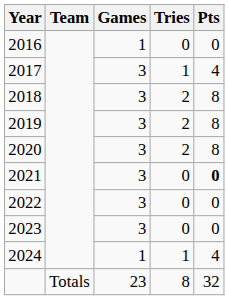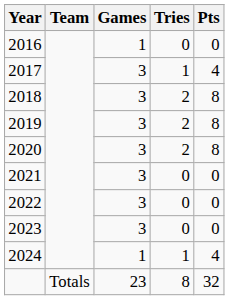 <table class="wikitable">
 <tr>
 <th>Year</th>
 <th>Team</th>
 <th>Games</th>
 <th>Tries</th>
 <th>Pts</th>
 </tr>
 <tr>
 <td>2016</td>
 <td rowspan="9"></td>
 <td align="right">1</td>
 <td align="right">0</td>
 <td align="right">0</td>
 </tr>
 <tr>
 <td>2017</td>
 <td align="right">3</td>
 <td align="right">1</td>
 <td align="right">4</td>
 </tr>
 <tr>
 <td>2018</td>
 <td align="right">3</td>
 <td align="right">2</td>
 <td align="right">8</td>
 </tr>
 <tr>
 <td>2019</td>
 <td align="right">3</td>
 <td align="right">2</td>
 <td align="right">8</td>
 </tr>
 <tr>
 <td>2020</td>
 <td align="right">3</td>
 <td align="right">2</td>
 <td align="right">8</td>
 </tr>
 <tr>
 <td>2021</td>
 <td align="right">3</td>
 <td align="right">0</td>
-<td align="right"><strong>0</strong></td>
+<td align="right">0</td>
 </tr>
 <tr>
 <td>2022</td>
 <td align="right">3</td>
 <td align="right">0</td>
 <td align="right">0</td>
 </tr>
 <tr>
 <td>2023</td>
 <td align="right">3</td>
 <td align="right">0</td>
 <td align="right">0</td>
 </tr>
 <tr>
 <td>2024</td>
 <td align="right">1</td>
 <td align="right">1</td>
 <td align="right">4</td>
 </tr>
 <tr>
 <td></td>
 <td>Totals</td>
 <td align="right">23</td>
 <td align="right">8</td>
 <td align="right">32</td>
 </tr>
 </table>
